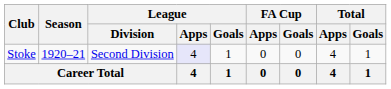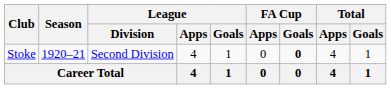 <table class="wikitable" style="text-align: center;">
 <tr>
 <th rowspan="2">Club</th>
 <th rowspan="2">Season</th>
 <th colspan="3">League</th>
 <th colspan="2">FA Cup</th>
 <th colspan="2">Total</th>
 </tr>
 <tr>
 <th>Division</th>
 <th>Apps</th>
 <th>Goals</th>
 <th>Apps</th>
 <th>Goals</th>
 <th>Apps</th>
 <th>Goals</th>
 </tr>
 <tr>
 <td><a href='#'>Stoke</a></td>
 <td><a href='#'>1920–21</a></td>
 <td><a href='#'>Second Division</a></td>
-<td style="background: lavender;">4</td>
+<td>4</td>
 <td>1</td>
 <td>0</td>
-<td>0</td>
+<td><strong>0</strong></td>
 <td>4</td>
 <td>1</td>
 </tr>
 <tr>
 <th colspan="3">Career Total</th>
 <th>4</th>
 <th>1</th>
 <th>0</th>
 <th>0</th>
 <th>4</th>
 <th>1</th>
 </tr>
 </table>
